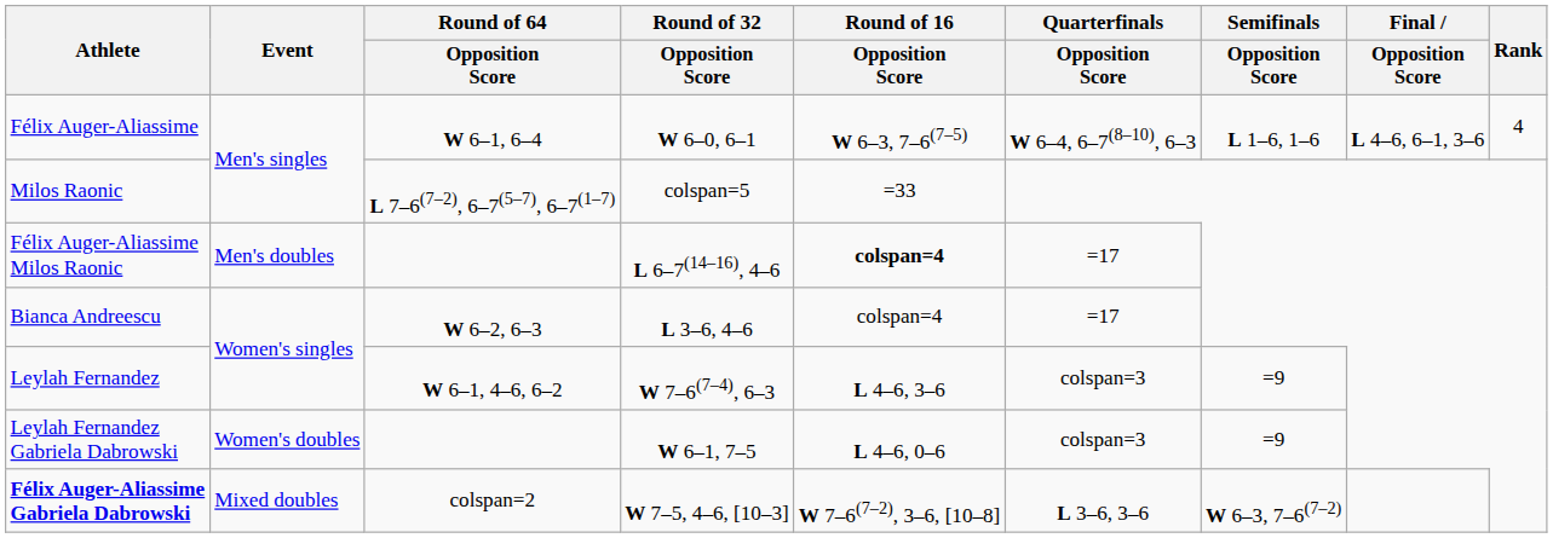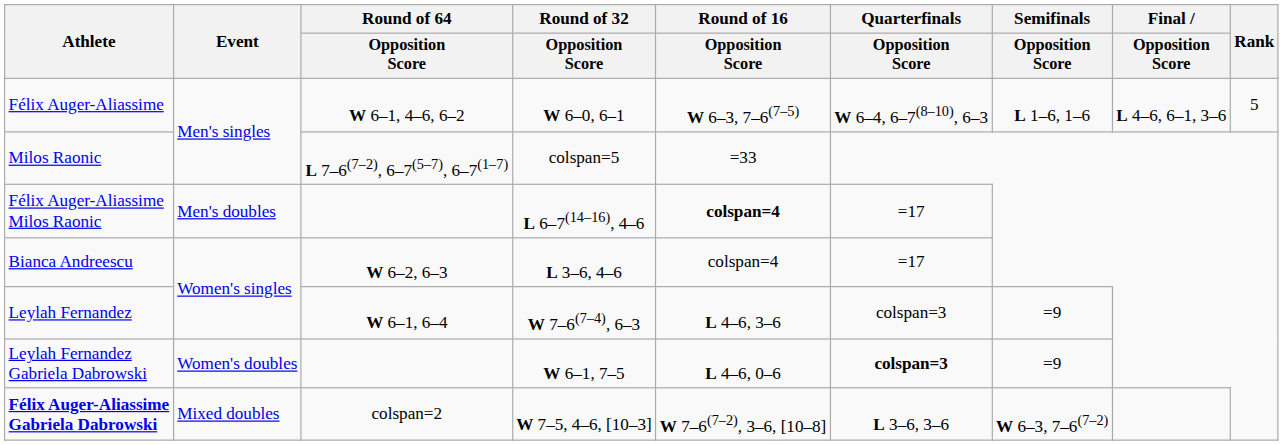 <table class=wikitable style=font-size:90%;text-align:center>
 <tr>
 <th rowspan=2>Athlete</th>
 <th rowspan=2>Event</th>
 <th>Round of 64</th>
 <th>Round of 32</th>
 <th>Round of 16</th>
 <th>Quarterfinals</th>
 <th>Semifinals</th>
 <th>Final / </th>
 <th rowspan=2>Rank</th>
 </tr>
 <tr style=font-size:95%>
 <th>Opposition<br>Score</th>
 <th>Opposition<br>Score</th>
 <th>Opposition<br>Score</th>
 <th>Opposition<br>Score</th>
 <th>Opposition<br>Score</th>
 <th>Opposition<br>Score</th>
 </tr>
 <tr>
 <td align=left><a href='#'>Félix Auger-Aliassime</a></td>
 <td align=left rowspan=2><a href='#'>Men's singles</a></td>
-<td><br><strong>W</strong> 6–1, 6–4</td>
+<td><br><strong>W</strong> 6–1, 4–6, 6–2</td>
 <td><br><strong>W</strong> 6–0, 6–1</td>
 <td><br><strong>W</strong> 6–3, 7–6<sup>(7–5)</sup></td>
 <td><br><strong>W</strong> 6–4, 6–7<sup>(8–10)</sup>, 6–3</td>
 <td><br><strong>L</strong> 1–6, 1–6</td>
 <td><br><strong>L</strong> 4–6, 6–1, 3–6</td>
-<td>4</td>
+<td>5</td>
 </tr>
 <tr>
 <td align=left><a href='#'>Milos Raonic</a></td>
 <td><br><strong>L</strong> 7–6<sup>(7–2)</sup>, 6–7<sup>(5–7)</sup>, 6–7<sup>(1–7)</sup></td>
 <td>colspan=5 </td>
 <td>=33</td>
 </tr>
 <tr align=centre>
 <td align=left><a href='#'>Félix Auger-Aliassime</a><br><a href='#'>Milos Raonic</a></td>
 <td align=left><a href='#'>Men's doubles</a></td>
 <td></td>
 <td><br><strong>L</strong> 6–7<sup>(14–16)</sup>, 4–6</td>
 <td><strong>colspan=4</strong></td>
 <td>=17</td>
 </tr>
 <tr>
 <td align=left><a href='#'>Bianca Andreescu</a></td>
 <td align=left rowspan=2><a href='#'>Women's singles</a></td>
 <td><br><strong>W</strong> 6–2, 6–3</td>
 <td><br><strong>L</strong> 3–6, 4–6</td>
 <td>colspan=4 </td>
 <td>=17</td>
 </tr>
 <tr>
 <td align=left><a href='#'>Leylah Fernandez</a></td>
-<td><br><strong>W</strong> 6–1, 4–6, 6–2</td>
+<td><br><strong>W</strong> 6–1, 6–4</td>
 <td><br><strong>W</strong> 7–6<sup>(7–4)</sup>, 6–3</td>
 <td><br><strong>L</strong> 4–6, 3–6</td>
 <td>colspan=3 </td>
 <td>=9</td>
 </tr>
 <tr align=centre>
 <td align=left><a href='#'>Leylah Fernandez</a><br><a href='#'>Gabriela Dabrowski</a></td>
 <td align=left><a href='#'>Women's doubles</a></td>
 <td></td>
 <td><br><strong>W</strong> 6–1, 7–5</td>
 <td><br><strong>L</strong> 4–6, 0–6</td>
-<td>colspan=3 </td>
+<td><strong>colspan=3 </strong></td>
 <td>=9</td>
 </tr>
 <tr align=centre>
 <td align=left><strong><a href='#'>Félix Auger-Aliassime</a><br><a href='#'>Gabriela Dabrowski</a></strong></td>
 <td align=left><a href='#'>Mixed doubles</a></td>
 <td>colspan=2</td>
 <td><br><strong>W</strong> 7–5, 4–6, [10–3]</td>
 <td><br><strong>W</strong> 7–6<sup>(7–2)</sup>, 3–6, [10–8]</td>
 <td><br><strong>L</strong> 3–6, 3–6</td>
 <td><br><strong>W</strong> 6–3, 7–6<sup>(7–2)</sup></td>
 <td></td>
 </tr>
 </table>
